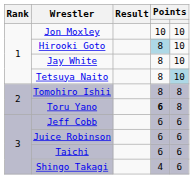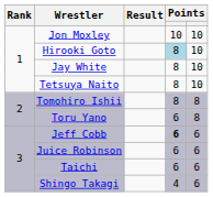 <table class="wikitable mw-collapsible mw-collapsed" plainrowheaders sortable" style="text-align: center">
 <tr>
 <th scope="col" rowspan="2">Rank</th>
 <th scope="col" rowspan="2">Wrestler</th>
 <th scope="col" rowspan="2">Result</th>
 <th scope="col" colspan="2">Points</th>
 </tr>
 <tr>
 <th></th>
 <th></th>
 </tr>
 <tr>
 <td rowspan="4">1</td>
 <td><a href='#'>Jon Moxley</a></td>
 <td></td>
 <td>10</td>
 <td>10</td>
 </tr>
 <tr>
 <td><a href='#'>Hirooki Goto</a></td>
 <td></td>
 <td style="background: lightblue;">8</td>
 <td>10</td>
 </tr>
 <tr>
 <td><a href='#'>Jay White</a></td>
 <td></td>
 <td>8</td>
 <td>10</td>
 </tr>
 <tr>
 <td><a href='#'>Tetsuya Naito</a></td>
 <td></td>
 <td>8</td>
-<td style="background: lightblue;">10</td>
+<td>10</td>
 </tr>
 <tr>
 <td style="background: #BBBBCC;" rowspan="2">2</td>
 <td style="background: #BBBBCC;"><a href='#'>Tomohiro Ishii</a></td>
 <td></td>
 <td style="background: #BBBBCC;">8</td>
 <td style="background: #BBBBCC;">8</td>
 </tr>
 <tr>
 <td style="background: #BBBBCC;"><a href='#'>Toru Yano</a></td>
 <td></td>
-<td style="background: #BBBBCC;"><strong>6</strong></td>
+<td style="background: #BBBBCC;">6</td>
 <td style="background: #BBBBCC;">8</td>
 </tr>
 <tr>
 <td style="background: #BBBBCC;" rowspan="4">3</td>
 <td style="background: #BBBBCC;"><a href='#'>Jeff Cobb</a></td>
 <td></td>
-<td style="background: #BBBBCC;">6</td>
+<td style="background: #BBBBCC;"><strong>6</strong></td>
 <td style="background: #BBBBCC;">6</td>
 </tr>
 <tr>
 <td style="background: #BBBBCC;"><a href='#'>Juice Robinson</a></td>
 <td></td>
 <td style="background: #BBBBCC;">6</td>
 <td style="background: #BBBBCC;">6</td>
 </tr>
 <tr>
 <td style="background: #BBBBCC;"><a href='#'>Taichi</a></td>
 <td></td>
 <td style="background: #BBBBCC;">6</td>
 <td style="background: #BBBBCC;">6</td>
 </tr>
 <tr>
 <td style="background: #BBBBCC;"><a href='#'>Shingo Takagi</a></td>
 <td></td>
 <td style="background: #BBBBCC;">4</td>
 <td style="background: #BBBBCC;">6</td>
 </tr>
 </table>
